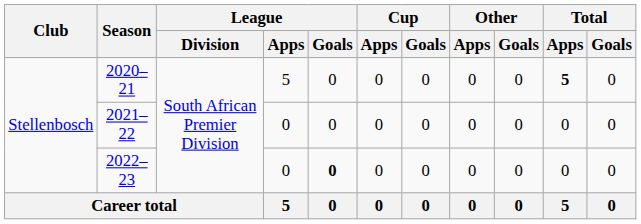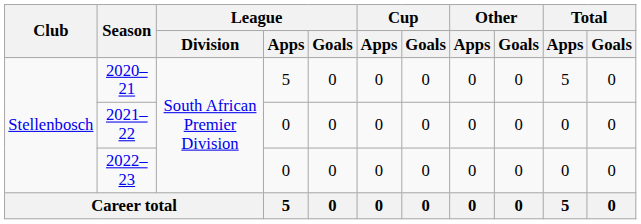 <table class=wikitable style=text-align:center>
 <tr>
 <th rowspan="2">Club</th>
 <th rowspan="2">Season</th>
 <th colspan="3">League</th>
 <th colspan="2">Cup</th>
 <th colspan="2">Other</th>
 <th colspan="2">Total</th>
 </tr>
 <tr>
 <th>Division</th>
 <th>Apps</th>
 <th>Goals</th>
 <th>Apps</th>
 <th>Goals</th>
 <th>Apps</th>
 <th>Goals</th>
 <th>Apps</th>
 <th>Goals</th>
 </tr>
 <tr>
 <td rowspan="3"><a href='#'>Stellenbosch</a></td>
 <td><a href='#'>2020–21</a></td>
 <td rowspan="3"><a href='#'>South African Premier Division</a></td>
 <td>5</td>
 <td>0</td>
 <td>0</td>
 <td>0</td>
 <td>0</td>
 <td>0</td>
-<td><strong>5</strong></td>
+<td>5</td>
 <td>0</td>
 </tr>
 <tr>
 <td><a href='#'>2021–22</a></td>
 <td>0</td>
 <td>0</td>
 <td>0</td>
 <td>0</td>
 <td>0</td>
 <td>0</td>
 <td>0</td>
 <td>0</td>
 </tr>
 <tr>
 <td><a href='#'>2022–23</a></td>
 <td>0</td>
-<td><strong>0</strong></td>
+<td>0</td>
 <td>0</td>
 <td>0</td>
 <td>0</td>
 <td>0</td>
 <td>0</td>
 <td>0</td>
 </tr>
 <tr>
 <th colspan="3">Career total</th>
 <th>5</th>
 <th>0</th>
 <th>0</th>
 <th>0</th>
 <th>0</th>
 <th>0</th>
 <th>5</th>
 <th>0</th>
 </tr>
 </table>
